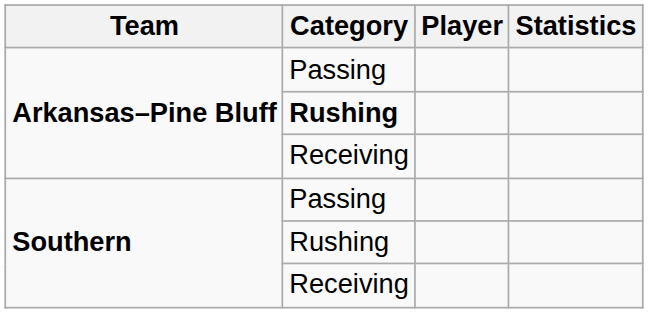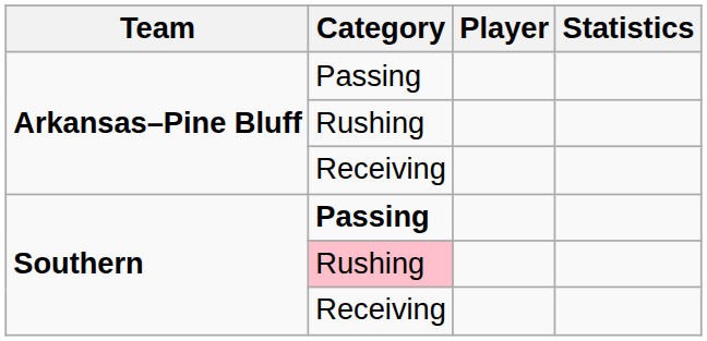 <table class="wikitable" style="float: right;">
 <tr>
 <th>Team</th>
 <th>Category</th>
 <th>Player</th>
 <th>Statistics</th>
 </tr>
 <tr>
 <td rowspan=3><strong>Arkansas–Pine Bluff</strong></td>
 <td>Passing</td>
 <td></td>
 <td></td>
 </tr>
 <tr>
-<td><strong>Rushing</strong></td>
+<td>Rushing</td>
 <td></td>
 <td></td>
 </tr>
 <tr>
 <td>Receiving</td>
 <td></td>
 <td></td>
 </tr>
 <tr>
 <td rowspan=3><strong>Southern</strong></td>
-<td>Passing</td>
+<td><strong>Passing</strong></td>
 <td></td>
 <td></td>
 </tr>
 <tr>
-<td>Rushing</td>
+<td style="background: pink;">Rushing</td>
 <td></td>
 <td></td>
 </tr>
 <tr>
 <td>Receiving</td>
 <td></td>
 <td></td>
 </tr>
 </table>
